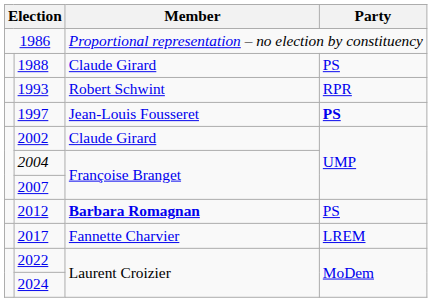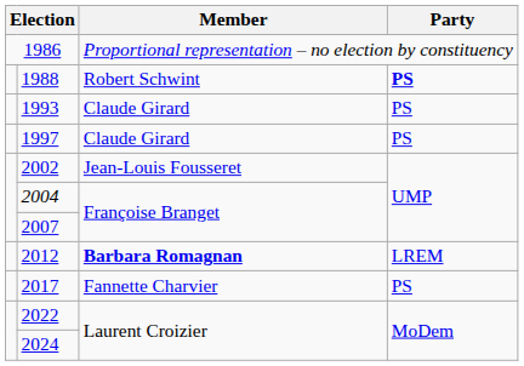 <table class="wikitable">
 <tr>
 <th colspan="2">Election</th>
 <th>Member</th>
 <th>Party</th>
 </tr>
 <tr>
 <td colspan="2" align="center"><a href='#'>1986</a></td>
 <td colspan="2"><em><a href='#'>Proportional representation</a> – no election by constituency</em></td>
 </tr>
 <tr>
 <td style="color:inherit;background-color: "></td>
 <td><a href='#'>1988</a></td>
+<td><a href='#'>Robert Schwint</a></td>
+<td><strong><a href='#'>PS</a></strong></td>
+</tr>
+<tr>
+<td style="color:inherit;background-color: "></td>
+<td><a href='#'>1993</a></td>
 <td><a href='#'>Claude Girard</a></td>
 <td><a href='#'>PS</a></td>
 </tr>
 <tr>
 <td style="color:inherit;background-color: "></td>
-<td><a href='#'>1993</a></td>
-<td><a href='#'>Robert Schwint</a></td>
-<td><a href='#'>RPR</a></td>
-</tr>
-<tr>
-<td style="color:inherit;background-color: "></td>
 <td><a href='#'>1997</a></td>
-<td><a href='#'>Jean-Louis Fousseret</a></td>
-<td><strong><a href='#'>PS</a></strong></td>
+<td><a href='#'>Claude Girard</a></td>
+<td><a href='#'>PS</a></td>
 </tr>
 <tr>
 <td rowspan="3" style="color:inherit;background-color: "></td>
 <td><a href='#'>2002</a></td>
-<td><a href='#'>Claude Girard</a></td>
+<td><a href='#'>Jean-Louis Fousseret</a></td>
 <td rowspan="3"><a href='#'>UMP</a></td>
 </tr>
 <tr>
 <td><em>2004</em></td>
 <td rowspan="2"><a href='#'>Françoise Branget</a></td>
 </tr>
 <tr>
 <td><a href='#'>2007</a></td>
 </tr>
 <tr>
 <td style="color:inherit;background-color: "></td>
 <td><a href='#'>2012</a></td>
 <td><strong><a href='#'>Barbara Romagnan</a></strong></td>
-<td><a href='#'>PS</a></td>
+<td><a href='#'>LREM</a></td>
 </tr>
 <tr>
 <td style="color:inherit;background-color: "></td>
 <td><a href='#'>2017</a></td>
 <td><a href='#'>Fannette Charvier</a></td>
-<td><a href='#'>LREM</a></td>
+<td><a href='#'>PS</a></td>
 </tr>
 <tr>
 <td rowspan="2" style="color:inherit;background-color: "></td>
 <td><a href='#'>2022</a></td>
 <td rowspan="2">Laurent Croizier</td>
 <td rowspan="2"><a href='#'>MoDem</a></td>
 </tr>
 <tr>
 <td><a href='#'>2024</a></td>
 </tr>
 </table>
